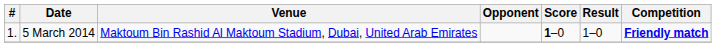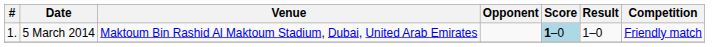 <table class="wikitable" border="1">
 <tr>
 <th>#</th>
 <th>Date</th>
 <th>Venue</th>
 <th>Opponent</th>
 <th>Score</th>
 <th>Result</th>
 <th>Competition</th>
 </tr>
 <tr>
 <td>1.</td>
 <td>5 March 2014</td>
 <td><a href='#'>Maktoum Bin Rashid Al Maktoum Stadium</a>, <a href='#'>Dubai</a>, <a href='#'>United Arab Emirates</a></td>
 <td></td>
-<td><strong>1</strong>–0</td>
+<td style="background: lightblue;"><strong>1</strong>–0</td>
 <td>1–0</td>
-<td><strong><a href='#'>Friendly match</a></strong></td>
+<td><a href='#'>Friendly match</a></td>
 </tr>
 <tr>
 </tr>
 </table>
